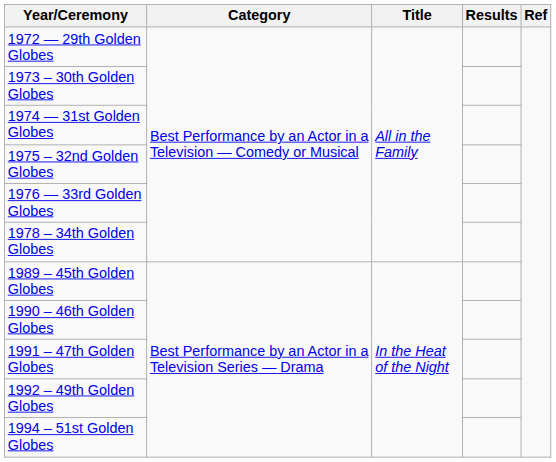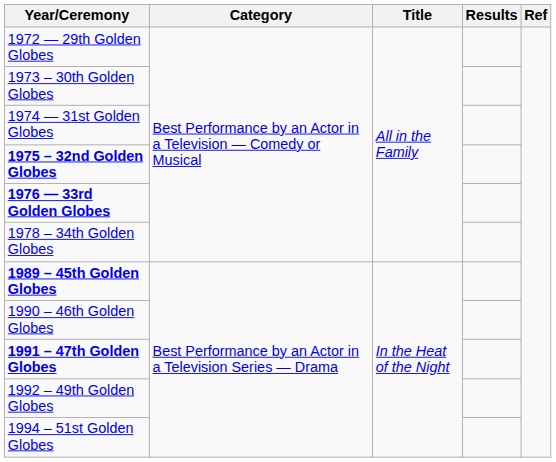 <table class="wikitable">
 <tr>
 <th>Year/Ceremony</th>
 <th>Category</th>
 <th>Title</th>
 <th>Results</th>
 <th>Ref</th>
 </tr>
 <tr>
 <td><a href='#'>1972 — 29th Golden Globes</a></td>
 <td rowspan="6"><a href='#'>Best Performance by an Actor in a Television — Comedy or Musical</a></td>
 <td rowspan="6"><em><a href='#'>All in the Family</a></em></td>
 <td></td>
 <td rowspan="11"></td>
 </tr>
 <tr>
 <td><a href='#'>1973 – 30th Golden Globes</a></td>
 <td></td>
 </tr>
 <tr>
 <td><a href='#'>1974 — 31st Golden Globes</a></td>
 <td></td>
 </tr>
 <tr>
-<td><a href='#'>1975 – 32nd Golden Globes</a></td>
+<td><strong><a href='#'>1975 – 32nd Golden Globes</a></strong></td>
 <td></td>
 </tr>
 <tr>
-<td><a href='#'>1976 — 33rd Golden Globes</a></td>
+<td><strong><a href='#'>1976 — 33rd Golden Globes</a></strong></td>
 <td></td>
 </tr>
 <tr>
 <td><a href='#'>1978 – 34th Golden Globes</a></td>
 <td></td>
 </tr>
 <tr>
-<td><a href='#'>1989 – 45th Golden Globes</a></td>
+<td><strong><a href='#'>1989 – 45th Golden Globes</a></strong></td>
 <td rowspan="5"><a href='#'>Best Performance by an Actor in a Television Series — Drama</a></td>
 <td rowspan="5"><em><a href='#'>In the Heat of the Night</a></em></td>
 <td></td>
 </tr>
 <tr>
 <td><a href='#'>1990 – 46th Golden Globes</a></td>
 <td></td>
 </tr>
 <tr>
-<td><a href='#'>1991 – 47th Golden Globes</a></td>
+<td><strong><a href='#'>1991 – 47th Golden Globes</a></strong></td>
 <td></td>
 </tr>
 <tr>
 <td><a href='#'>1992 – 49th Golden Globes</a></td>
 <td></td>
 </tr>
 <tr>
 <td><a href='#'>1994 – 51st Golden Globes</a></td>
 <td></td>
 </tr>
 </table>
